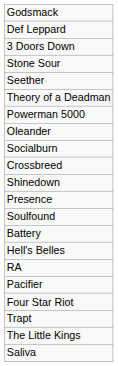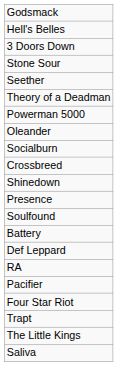 <table class="wikitable">
 <tr>
 <td>Godsmack</td>
 </tr>
 <tr>
-<td>Def Leppard</td>
+<td>Hell's Belles</td>
 </tr>
 <tr>
 <td>3 Doors Down</td>
 </tr>
 <tr>
 <td>Stone Sour</td>
 </tr>
 <tr>
 <td>Seether</td>
 </tr>
 <tr>
 <td>Theory of a Deadman</td>
 </tr>
 <tr>
 <td>Powerman 5000</td>
 </tr>
 <tr>
 <td>Oleander</td>
 </tr>
 <tr>
 <td>Socialburn</td>
 </tr>
 <tr>
 <td>Crossbreed</td>
 </tr>
 <tr>
 <td>Shinedown</td>
 </tr>
 <tr>
 <td>Presence</td>
 </tr>
 <tr>
 <td>Soulfound</td>
 </tr>
 <tr>
 <td>Battery</td>
 </tr>
 <tr>
-<td>Hell's Belles</td>
+<td>Def Leppard</td>
 </tr>
 <tr>
 <td>RA</td>
 </tr>
 <tr>
 <td>Pacifier</td>
 </tr>
 <tr>
 <td>Four Star Riot</td>
 </tr>
 <tr>
 <td>Trapt</td>
 </tr>
 <tr>
 <td>The Little Kings</td>
 </tr>
 <tr>
 <td>Saliva</td>
 </tr>
 </table>
